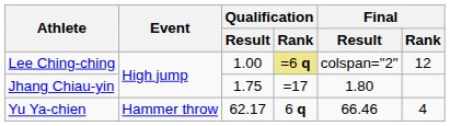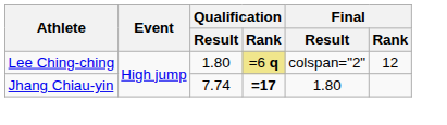 <table class="wikitable" style="font-size:90%; text-align:center">
 <tr>
 <th rowspan="2">Athlete</th>
 <th rowspan="2">Event</th>
 <th colspan="2">Qualification</th>
 <th colspan="2">Final</th>
 </tr>
 <tr>
 <th>Result</th>
 <th>Rank</th>
 <th>Result</th>
 <th>Rank</th>
 </tr>
 <tr>
 <td align="left"><a href='#'>Lee Ching-ching</a></td>
 <td align="left" rowspan="2"><a href='#'>High jump</a></td>
-<td>1.00</td>
+<td>1.80</td>
 <td style="background: khaki;">=6 <strong>q</strong></td>
 <td>colspan="2" </td>
 <td>12</td>
 </tr>
 <tr>
 <td align="left"><a href='#'>Jhang Chiau-yin</a></td>
-<td>1.75</td>
-<td>=17</td>
+<td>7.74</td>
+<td><strong>=17</strong></td>
 <td>1.80</td>
 </tr>
-<tr>
-<td align="left"><a href='#'>Yu Ya-chien</a></td>
-<td align="left"><a href='#'>Hammer throw</a></td>
-<td>62.17</td>
-<td>6 <strong>q</strong></td>
-<td>66.46</td>
-<td>4</td>
-</tr>
 </table>
